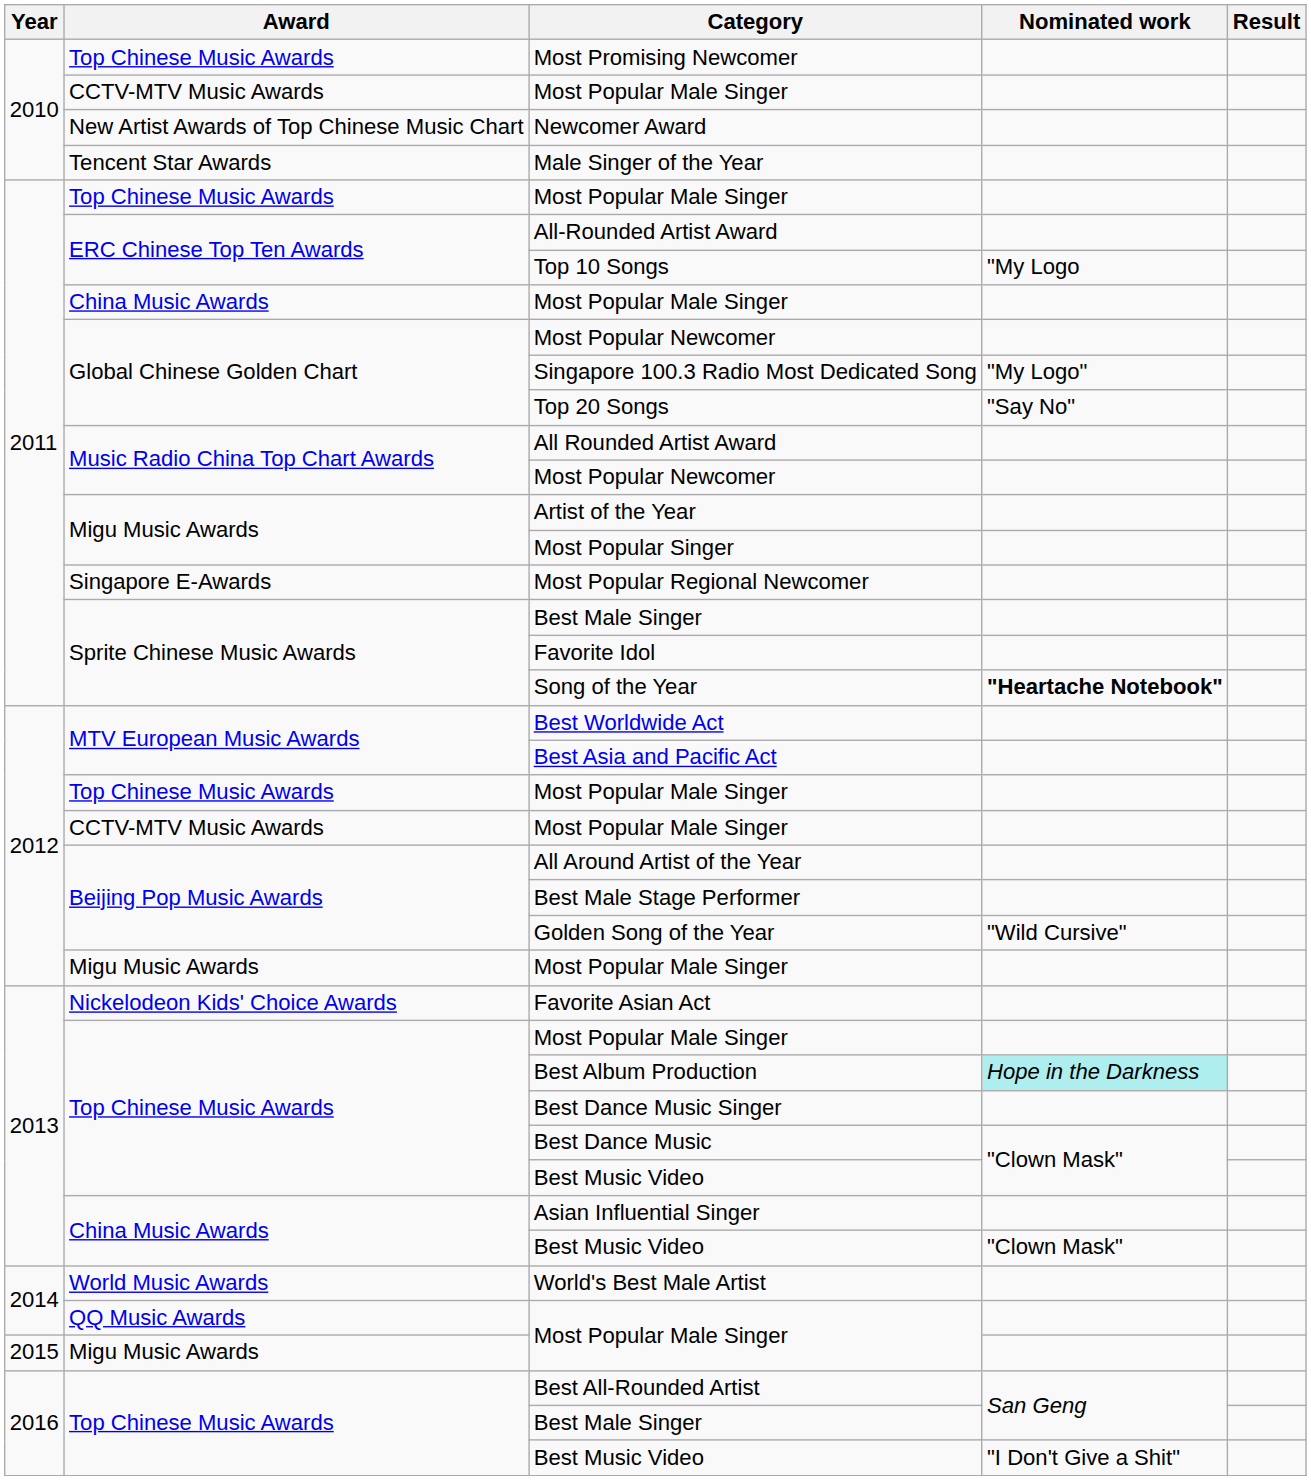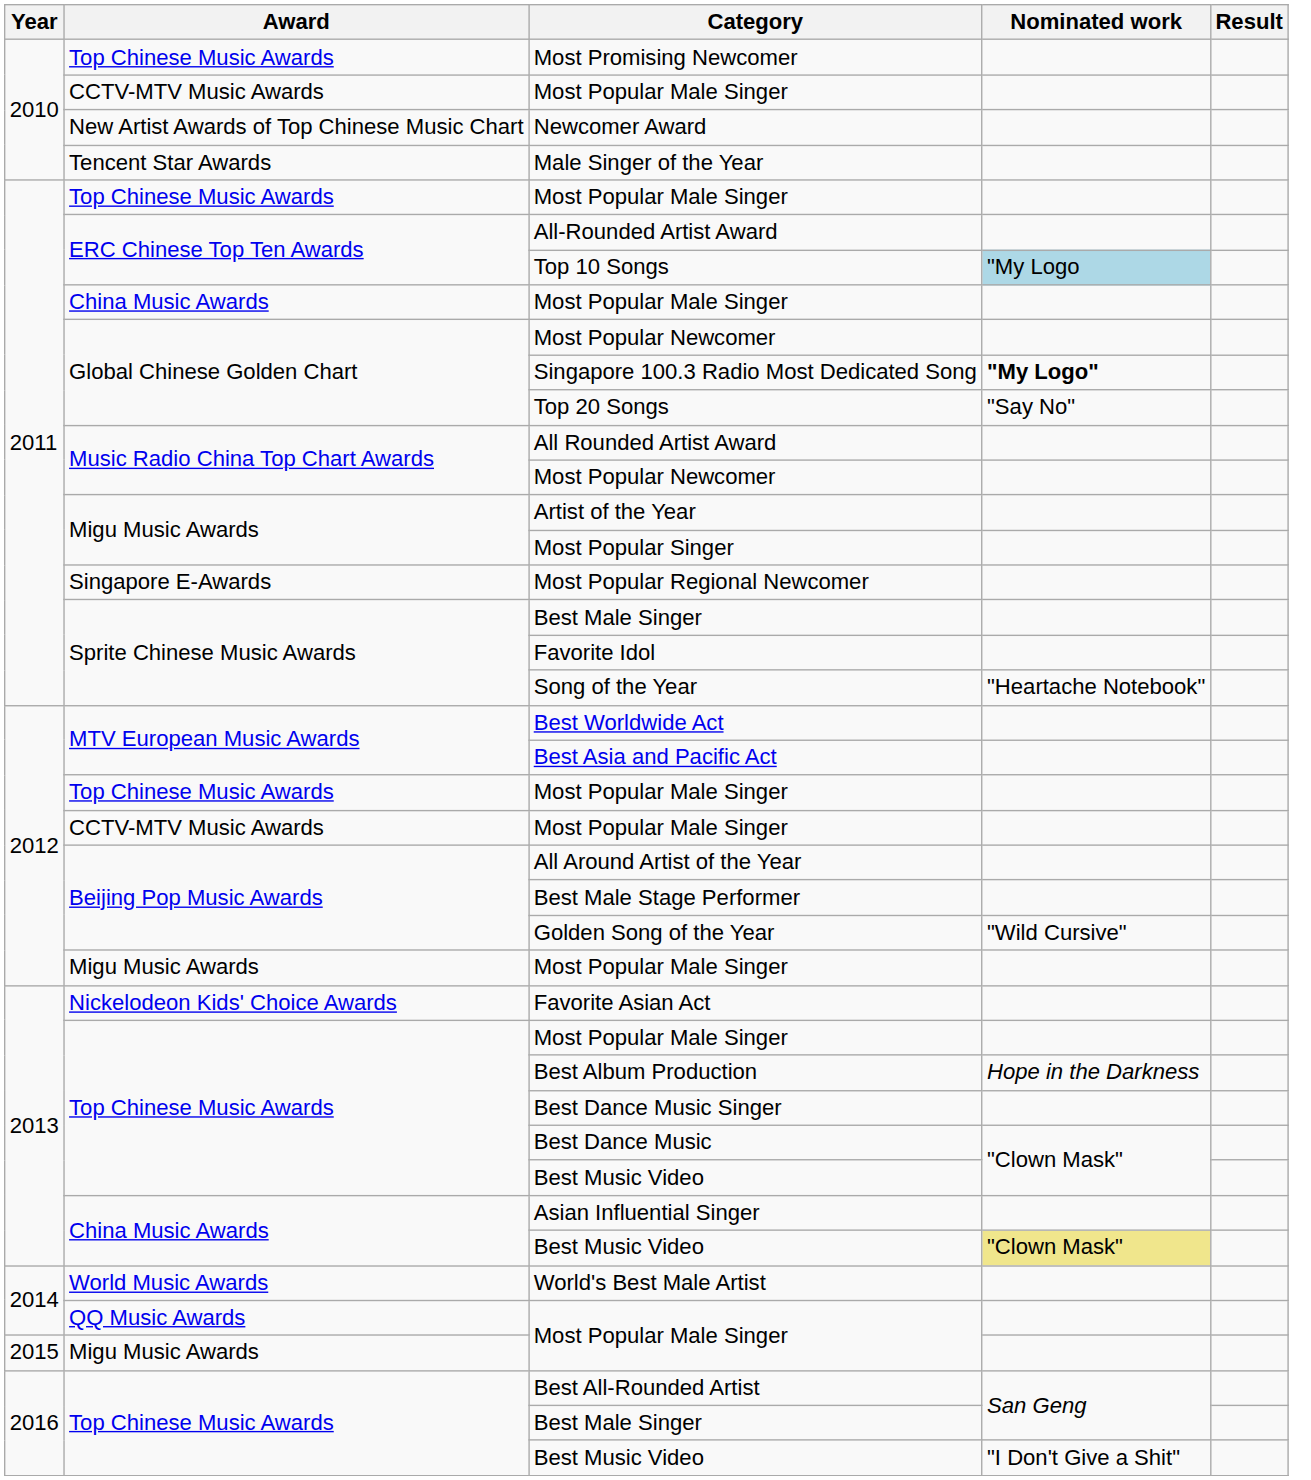 <table class="wikitable">
 <tr>
 <th>Year</th>
 <th>Award</th>
 <th>Category</th>
 <th>Nominated work</th>
 <th>Result</th>
 </tr>
 <tr>
 <td rowspan="4">2010</td>
 <td><a href='#'>Top Chinese Music Awards</a></td>
 <td>Most Promising Newcomer</td>
 <td></td>
 <td></td>
 </tr>
 <tr>
 <td>CCTV-MTV Music Awards</td>
 <td>Most Popular Male Singer </td>
 <td></td>
 <td></td>
 </tr>
 <tr>
 <td>New Artist Awards of Top Chinese Music Chart</td>
 <td>Newcomer Award</td>
 <td></td>
 <td></td>
 </tr>
 <tr>
 <td>Tencent Star Awards</td>
 <td>Male Singer of the Year</td>
 <td></td>
 <td></td>
 </tr>
 <tr>
 <td rowspan="15">2011</td>
 <td><a href='#'>Top Chinese Music Awards</a></td>
 <td>Most Popular Male Singer</td>
 <td></td>
 <td></td>
 </tr>
 <tr>
 <td rowspan=2><a href='#'>ERC Chinese Top Ten Awards</a></td>
 <td>All-Rounded Artist Award</td>
 <td></td>
 <td></td>
 </tr>
 <tr>
 <td>Top 10 Songs</td>
-<td>"My Logo</td>
+<td style="background: lightblue;">"My Logo</td>
 <td></td>
 </tr>
 <tr>
 <td><a href='#'>China Music Awards</a></td>
 <td>Most Popular Male Singer </td>
 <td></td>
 <td></td>
 </tr>
 <tr>
 <td rowspan=3>Global Chinese Golden Chart</td>
 <td>Most Popular Newcomer</td>
 <td></td>
 <td></td>
 </tr>
 <tr>
 <td>Singapore 100.3 Radio Most Dedicated Song</td>
-<td>"My Logo"</td>
+<td><strong>"My Logo"</strong></td>
 <td></td>
 </tr>
 <tr>
 <td>Top 20 Songs</td>
 <td>"Say No"</td>
 <td></td>
 </tr>
 <tr>
 <td rowspan=2><a href='#'>Music Radio China Top Chart Awards</a></td>
 <td>All Rounded Artist Award</td>
 <td></td>
 <td></td>
 </tr>
 <tr>
 <td>Most Popular Newcomer</td>
 <td></td>
 <td></td>
 </tr>
 <tr>
 <td rowspan=2>Migu Music Awards</td>
 <td>Artist of the Year</td>
 <td></td>
 <td></td>
 </tr>
 <tr>
 <td>Most Popular Singer</td>
 <td></td>
 <td></td>
 </tr>
 <tr>
 <td>Singapore E-Awards</td>
 <td>Most Popular Regional Newcomer</td>
 <td></td>
 <td></td>
 </tr>
 <tr>
 <td rowspan="3">Sprite Chinese Music Awards</td>
 <td>Best Male Singer</td>
 <td></td>
 <td></td>
 </tr>
 <tr>
 <td>Favorite Idol</td>
 <td></td>
 <td></td>
 </tr>
 <tr>
 <td>Song of the Year</td>
-<td><strong>"Heartache Notebook"</strong></td>
+<td>"Heartache Notebook"</td>
 <td></td>
 </tr>
 <tr>
 <td rowspan="8">2012</td>
 <td rowspan=2><a href='#'>MTV European Music Awards</a></td>
 <td><a href='#'>Best Worldwide Act</a></td>
 <td></td>
 <td></td>
 </tr>
 <tr>
 <td><a href='#'>Best Asia and Pacific Act</a></td>
 <td></td>
 <td></td>
 </tr>
 <tr>
 <td><a href='#'>Top Chinese Music Awards</a></td>
 <td>Most Popular Male Singer</td>
 <td></td>
 <td></td>
 </tr>
 <tr>
 <td>CCTV-MTV Music Awards</td>
 <td>Most Popular Male Singer </td>
 <td></td>
 <td></td>
 </tr>
 <tr>
 <td rowspan=3><a href='#'>Beijing Pop Music Awards</a></td>
 <td>All Around Artist of the Year</td>
 <td></td>
 <td></td>
 </tr>
 <tr>
 <td>Best Male Stage Performer</td>
 <td></td>
 <td></td>
 </tr>
 <tr>
 <td>Golden Song of the Year</td>
 <td>"Wild Cursive"</td>
 <td></td>
 </tr>
 <tr>
 <td>Migu Music Awards</td>
 <td>Most Popular Male Singer</td>
 <td></td>
 <td></td>
 </tr>
 <tr>
 <td rowspan=8>2013</td>
 <td><a href='#'>Nickelodeon Kids' Choice Awards</a></td>
 <td>Favorite Asian Act</td>
 <td></td>
 <td></td>
 </tr>
 <tr>
 <td rowspan=5><a href='#'>Top Chinese Music Awards</a></td>
 <td>Most Popular Male Singer </td>
 <td></td>
 <td></td>
 </tr>
 <tr>
 <td>Best Album Production</td>
-<td style="background: paleturquoise;"><em>Hope in the Darkness</em></td>
+<td><em>Hope in the Darkness</em></td>
 <td></td>
 </tr>
 <tr>
 <td>Best Dance Music Singer</td>
 <td></td>
 <td></td>
 </tr>
 <tr>
 <td>Best Dance Music</td>
 <td rowspan=2>"Clown Mask"</td>
 <td></td>
 </tr>
 <tr>
 <td>Best Music Video</td>
 <td></td>
 </tr>
 <tr>
 <td rowspan=2><a href='#'>China Music Awards</a></td>
 <td>Asian Influential Singer</td>
 <td></td>
 <td></td>
 </tr>
 <tr>
 <td>Best Music Video</td>
-<td>"Clown Mask"</td>
+<td style="background: khaki;">"Clown Mask"</td>
 <td></td>
 </tr>
 <tr>
 <td rowspan="2">2014</td>
 <td><a href='#'>World Music Awards</a></td>
 <td>World's Best Male Artist</td>
 <td></td>
 <td></td>
 </tr>
 <tr>
 <td><a href='#'>QQ Music Awards</a></td>
 <td rowspan=2>Most Popular Male Singer </td>
 <td></td>
 <td></td>
 </tr>
 <tr>
 <td>2015</td>
 <td>Migu Music Awards</td>
 <td></td>
 <td></td>
 </tr>
 <tr>
 <td rowspan=3>2016</td>
 <td rowspan=3><a href='#'>Top Chinese Music Awards</a></td>
 <td>Best All-Rounded Artist</td>
 <td rowspan=2><em>San Geng</em></td>
 <td></td>
 </tr>
 <tr>
 <td>Best Male Singer</td>
 <td></td>
 </tr>
 <tr>
 <td>Best Music Video</td>
 <td>"I Don't Give a Shit"</td>
 <td></td>
 </tr>
 <tr>
 </tr>
 </table>
